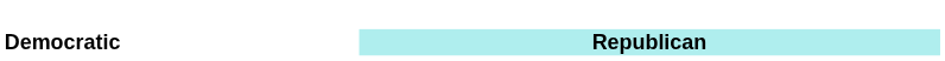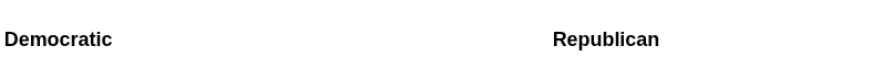 <table style="width:70%; text-align:center">
 <tr style="color:white">
 <td style="background:"><strong>89</strong></td>
 <td style="background:"><strong>203</strong></td>
 </tr>
 <tr>
 <td><span><strong>Democratic</strong></span></td>
-<td style="background: paleturquoise;"><span><strong>Republican</strong></span></td>
+<td><span><strong>Republican</strong></span></td>
 </tr>
 </table>
